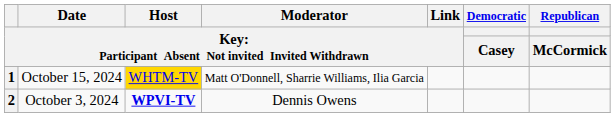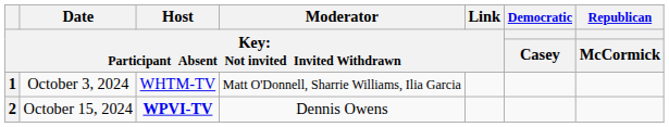 <table class="wikitable" style="text-align:center;">
 <tr>
 <th scope="col"></th>
 <th scope="col">Date</th>
 <th scope="col">Host</th>
 <th scope="col">Moderator</th>
 <th scope="col">Link</th>
 <th scope="col"><small><a href='#'>Democratic</a></small></th>
 <th scope="col"><small><a href='#'>Republican</a></small></th>
 </tr>
 <tr>
 <th colspan="5" rowspan="2">Key:<br> <small>Participant </small>  <small>Absent </small>  <small>Not invited </small>  <small>Invited  Withdrawn</small></th>
 <th scope="col" style="background:"></th>
 <th scope="col" style="background:"></th>
 </tr>
 <tr>
 <th scope="col">Casey</th>
 <th scope="col">McCormick</th>
 </tr>
 <tr>
 <th>1</th>
-<td style="white-space:nowrap;">October 15, 2024</td>
-<td style="background: gold; white-space:nowrap;"><a href='#'>WHTM-TV</a></td>
+<td style="white-space:nowrap;">October 3, 2024</td>
+<td style="white-space:nowrap;"><a href='#'>WHTM-TV</a></td>
 <td style="white-space:nowrap;"><small>Matt O'Donnell, Sharrie Williams, Ilia Garcia</small></td>
 <td style="white-space:nowrap;"></td>
 <td></td>
 <td></td>
 </tr>
 <tr>
 <th>2</th>
-<td style="white-space:nowrap;">October 3, 2024</td>
+<td style="white-space:nowrap;">October 15, 2024</td>
 <td style="white-space:nowrap;"><strong><a href='#'>WPVI-TV</a></strong></td>
 <td style="white-space:nowrap;">Dennis Owens</td>
 <td style="white-space:nowrap;"></td>
 <td></td>
 <td></td>
 </tr>
 </table>
